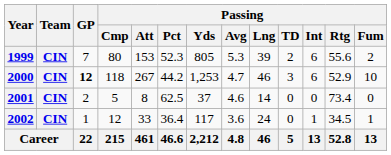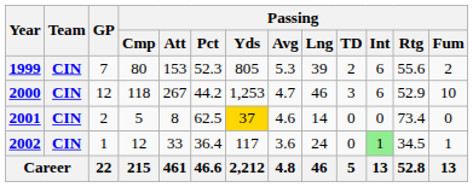 <table class="wikitable" style="text-align:center;">
 <tr>
 <th rowspan="2">Year</th>
 <th rowspan="2">Team</th>
 <th rowspan="2">GP</th>
 <th colspan="10">Passing</th>
 </tr>
 <tr>
 <th>Cmp</th>
 <th>Att</th>
 <th>Pct</th>
 <th>Yds</th>
 <th>Avg</th>
 <th>Lng</th>
 <th>TD</th>
 <th>Int</th>
 <th>Rtg</th>
 <th>Fum</th>
 </tr>
 <tr>
 <th><a href='#'>1999</a></th>
 <th><a href='#'>CIN</a></th>
 <td>7</td>
 <td>80</td>
 <td>153</td>
 <td>52.3</td>
 <td>805</td>
 <td>5.3</td>
 <td>39</td>
 <td>2</td>
 <td>6</td>
 <td>55.6</td>
 <td>2</td>
 </tr>
 <tr>
 <th><a href='#'>2000</a></th>
 <th><a href='#'>CIN</a></th>
-<td><strong>12</strong></td>
+<td>12</td>
 <td>118</td>
 <td>267</td>
 <td>44.2</td>
 <td>1,253</td>
 <td>4.7</td>
 <td>46</td>
 <td>3</td>
 <td>6</td>
 <td>52.9</td>
 <td>10</td>
 </tr>
 <tr>
 <th><a href='#'>2001</a></th>
 <th><a href='#'>CIN</a></th>
 <td>2</td>
 <td>5</td>
 <td>8</td>
 <td>62.5</td>
-<td>37</td>
+<td style="background: gold;">37</td>
 <td>4.6</td>
 <td>14</td>
 <td>0</td>
 <td>0</td>
 <td>73.4</td>
 <td>0</td>
 </tr>
 <tr>
 <th><a href='#'>2002</a></th>
 <th><a href='#'>CIN</a></th>
 <td>1</td>
 <td>12</td>
 <td>33</td>
 <td>36.4</td>
 <td>117</td>
 <td>3.6</td>
 <td>24</td>
 <td>0</td>
-<td>1</td>
+<td style="background: lightgreen;">1</td>
 <td>34.5</td>
 <td>1</td>
 </tr>
 <tr>
 <th colspan="2">Career</th>
 <th>22</th>
 <th>215</th>
 <th>461</th>
 <th>46.6</th>
 <th>2,212</th>
 <th>4.8</th>
 <th>46</th>
 <th>5</th>
 <th>13</th>
 <th>52.8</th>
 <th>13</th>
 </tr>
 </table>
